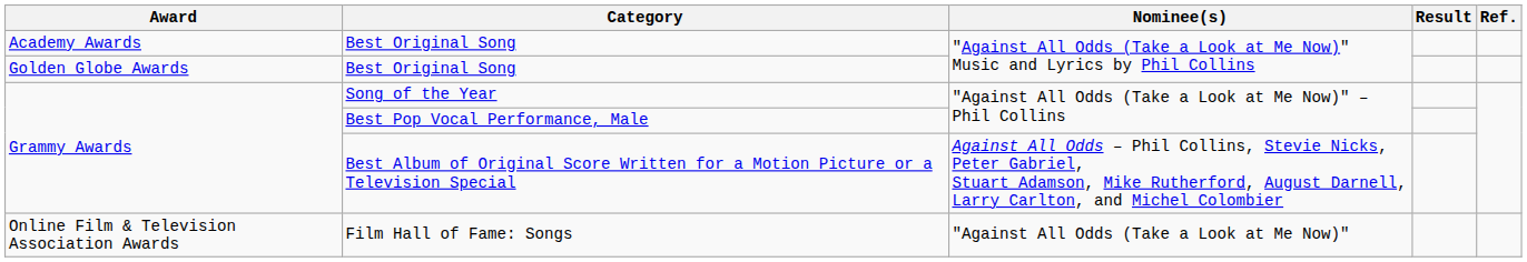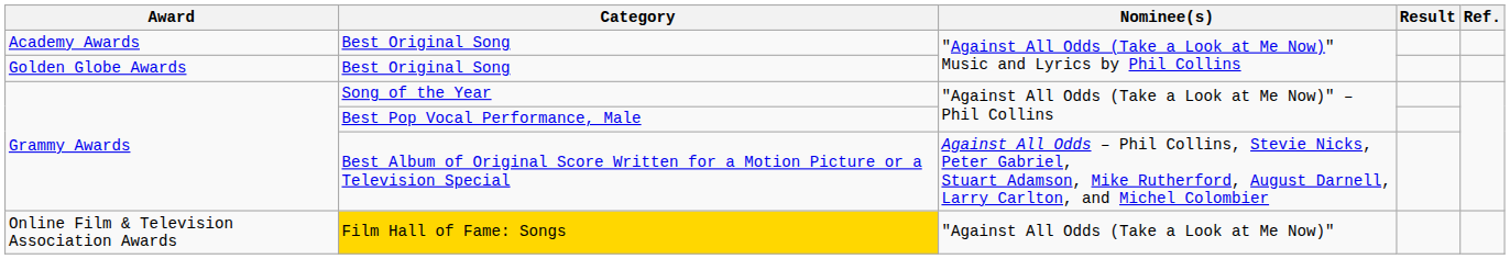 <table class="wikitable plainrowheaders">
 <tr>
 <th>Award</th>
 <th>Category</th>
 <th>Nominee(s)</th>
 <th>Result</th>
 <th>Ref.</th>
 </tr>
 <tr>
 <td><a href='#'>Academy Awards</a></td>
 <td><a href='#'>Best Original Song</a></td>
 <td rowspan="2">"<a href='#'>Against All Odds (Take a Look at Me Now)</a>" <br> Music and Lyrics by <a href='#'>Phil Collins</a></td>
 <td></td>
 <td align="center"></td>
 </tr>
 <tr>
 <td><a href='#'>Golden Globe Awards</a></td>
 <td><a href='#'>Best Original Song</a></td>
 <td></td>
 <td align="center"></td>
 </tr>
 <tr>
 <td rowspan="3"><a href='#'>Grammy Awards</a></td>
 <td><a href='#'>Song of the Year</a></td>
 <td rowspan="2">"Against All Odds (Take a Look at Me Now)" – Phil Collins</td>
 <td></td>
 <td align="center" rowspan="3"></td>
 </tr>
 <tr>
 <td><a href='#'>Best Pop Vocal Performance, Male</a></td>
 <td></td>
 </tr>
 <tr>
 <td><a href='#'>Best Album of Original Score Written for a Motion Picture or a Television Special</a></td>
 <td><em><a href='#'>Against All Odds</a></em> – Phil Collins, <a href='#'>Stevie Nicks</a>, <a href='#'>Peter Gabriel</a>, <br> <a href='#'>Stuart Adamson</a>, <a href='#'>Mike Rutherford</a>, <a href='#'>August Darnell</a>, <br> <a href='#'>Larry Carlton</a>, and <a href='#'>Michel Colombier</a></td>
 <td></td>
 </tr>
 <tr>
 <td>Online Film & Television Association Awards</td>
-<td>Film Hall of Fame: Songs</td>
+<td style="background: gold;">Film Hall of Fame: Songs</td>
 <td>"Against All Odds (Take a Look at Me Now)"</td>
 <td></td>
 <td align="center"></td>
 </tr>
 </table>
